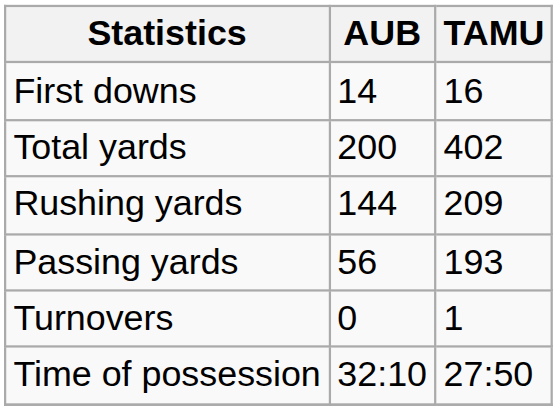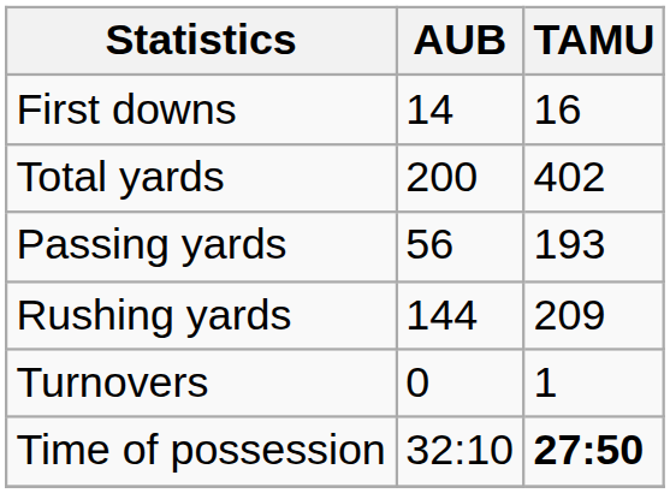 <table class="wikitable" style="float: left;">
 <tr>
 <th>Statistics</th>
 <th>AUB</th>
 <th>TAMU</th>
 </tr>
 <tr>
 <td>First downs</td>
 <td>14</td>
 <td>16</td>
 </tr>
 <tr>
 <td>Total yards</td>
 <td>200</td>
 <td>402</td>
 </tr>
 <tr>
+<td>Passing yards</td>
+<td>56</td>
+<td>193</td>
+</tr>
+<tr>
 <td>Rushing yards</td>
 <td>144</td>
 <td>209</td>
-</tr>
-<tr>
-<td>Passing yards</td>
-<td>56</td>
-<td>193</td>
 </tr>
 <tr>
 <td>Turnovers</td>
 <td>0</td>
 <td>1</td>
 </tr>
 <tr>
 <td>Time of possession</td>
 <td>32:10</td>
-<td>27:50</td>
+<td><strong>27:50</strong></td>
 </tr>
 <tr>
 </tr>
 </table>
